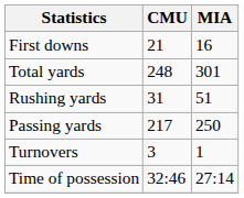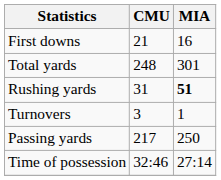 <table class="wikitable">
 <tr>
 <th>Statistics</th>
 <th>CMU</th>
 <th>MIA</th>
 </tr>
 <tr>
 <td>First downs</td>
 <td>21</td>
 <td>16</td>
 </tr>
 <tr>
 <td>Total yards</td>
 <td>248</td>
 <td>301</td>
 </tr>
 <tr>
 <td>Rushing yards</td>
 <td>31</td>
-<td>51</td>
+<td><strong>51</strong></td>
+</tr>
+<tr>
+<td>Turnovers</td>
+<td>3</td>
+<td>1</td>
 </tr>
 <tr>
 <td>Passing yards</td>
 <td>217</td>
 <td>250</td>
-</tr>
-<tr>
-<td>Turnovers</td>
-<td>3</td>
-<td>1</td>
 </tr>
 <tr>
 <td>Time of possession</td>
 <td>32:46</td>
 <td>27:14</td>
 </tr>
 <tr>
 </tr>
 </table>
